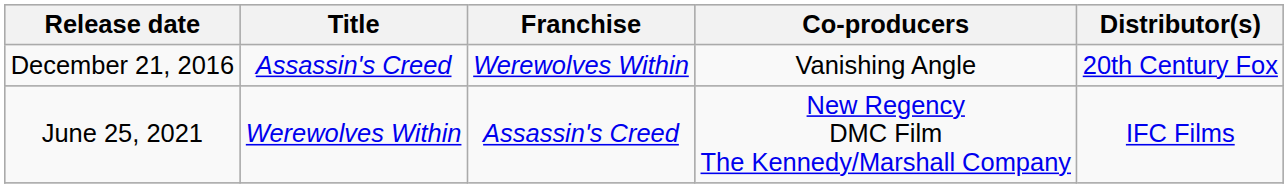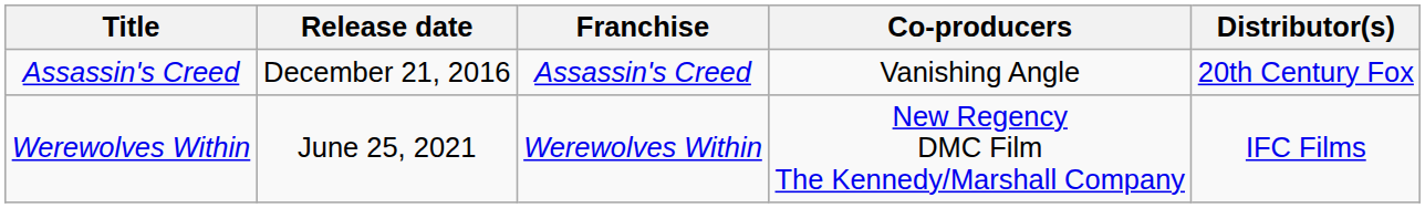 <table class="wikitable sortable" style="text-align:center;">
 <tr>
+<th>Title</th>
 <th>Release date</th>
-<th>Title</th>
 <th>Franchise</th>
 <th>Co-producers</th>
 <th>Distributor(s)</th>
 </tr>
 <tr>
+<td><em><a href='#'>Assassin's Creed</a></em></td>
 <td>December 21, 2016</td>
 <td><em><a href='#'>Assassin's Creed</a></em></td>
-<td><em><a href='#'>Werewolves Within</a></em></td>
 <td>Vanishing Angle</td>
 <td><a href='#'>20th Century Fox</a></td>
 </tr>
 <tr>
+<td><em><a href='#'>Werewolves Within</a></em></td>
 <td>June 25, 2021</td>
 <td><em><a href='#'>Werewolves Within</a></em></td>
-<td><em><a href='#'>Assassin's Creed</a></em></td>
 <td><a href='#'>New Regency</a><br>DMC Film<br><a href='#'>The Kennedy/Marshall Company</a></td>
 <td><a href='#'>IFC Films</a></td>
 </tr>
 </table>
